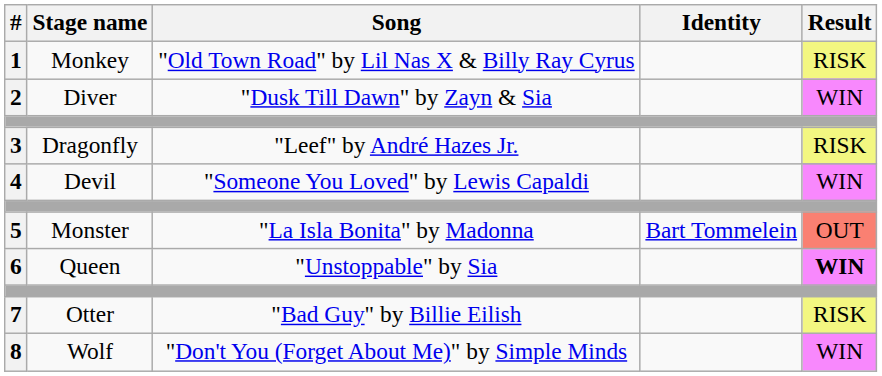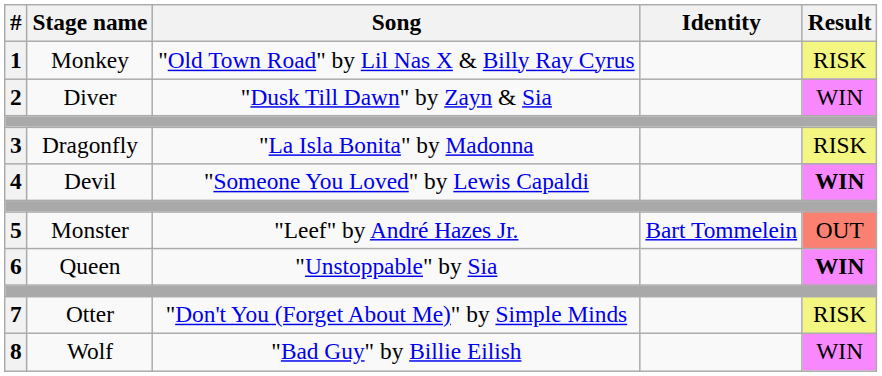 <table class="wikitable plainrowheaders" style="text-align: center;">
 <tr>
 <th>#</th>
 <th>Stage name</th>
 <th>Song</th>
 <th>Identity</th>
 <th>Result</th>
 </tr>
 <tr>
 <th>1</th>
 <td>Monkey</td>
 <td>"<a href='#'>Old Town Road</a>" by <a href='#'>Lil Nas X</a> & <a href='#'>Billy Ray Cyrus</a></td>
 <td></td>
 <td bgcolor="#F3F781">RISK</td>
 </tr>
 <tr>
 <th>2</th>
 <td>Diver</td>
 <td>"<a href='#'>Dusk Till Dawn</a>" by <a href='#'>Zayn</a> & <a href='#'>Sia</a></td>
 <td></td>
 <td bgcolor=#F888FD>WIN</td>
 </tr>
 <tr>
 <td colspan="5" style="background:darkgray"></td>
 </tr>
 <tr>
 <th>3</th>
 <td>Dragonfly</td>
-<td>"Leef" by <a href='#'>André Hazes Jr.</a></td>
+<td>"<a href='#'>La Isla Bonita</a>" by <a href='#'>Madonna</a></td>
 <td></td>
 <td bgcolor="#F3F781">RISK</td>
 </tr>
 <tr>
 <th>4</th>
 <td>Devil</td>
 <td>"<a href='#'>Someone You Loved</a>" by <a href='#'>Lewis Capaldi</a></td>
 <td></td>
-<td bgcolor=#F888FD>WIN</td>
+<td bgcolor=#F888FD><strong>WIN</strong></td>
 </tr>
 <tr>
 <td colspan="5" style="background:darkgray"></td>
 </tr>
 <tr>
 <th>5</th>
 <td>Monster</td>
-<td>"<a href='#'>La Isla Bonita</a>" by <a href='#'>Madonna</a></td>
+<td>"Leef" by <a href='#'>André Hazes Jr.</a></td>
 <td><a href='#'>Bart Tommelein</a></td>
 <td bgcolor=salmon>OUT</td>
 </tr>
 <tr>
 <th>6</th>
 <td>Queen</td>
 <td>"<a href='#'>Unstoppable</a>" by <a href='#'>Sia</a></td>
 <td></td>
 <td bgcolor=#F888FD><strong>WIN</strong></td>
 </tr>
 <tr>
 <td colspan="5" style="background:darkgray"></td>
 </tr>
 <tr>
 <th>7</th>
 <td>Otter</td>
-<td>"<a href='#'>Bad Guy</a>" by <a href='#'>Billie Eilish</a></td>
+<td>"<a href='#'>Don't You (Forget About Me)</a>" by <a href='#'>Simple Minds</a></td>
 <td></td>
 <td bgcolor="#F3F781">RISK</td>
 </tr>
 <tr>
 <th>8</th>
 <td>Wolf</td>
-<td>"<a href='#'>Don't You (Forget About Me)</a>" by <a href='#'>Simple Minds</a></td>
+<td>"<a href='#'>Bad Guy</a>" by <a href='#'>Billie Eilish</a></td>
 <td></td>
 <td bgcolor=#F888FD>WIN</td>
 </tr>
 </table>
